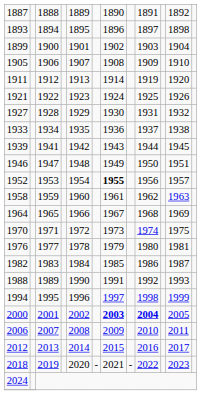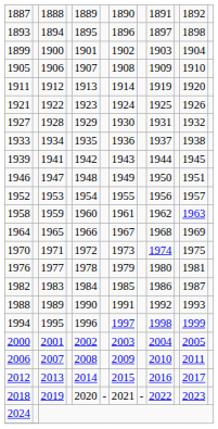 <table class="wikitable">
 <tr>
 <td>1887</td>
 <td></td>
 <td>1888</td>
 <td></td>
 <td>1889</td>
 <td></td>
 <td>1890</td>
 <td></td>
 <td>1891</td>
 <td></td>
 <td>1892</td>
 <td></td>
 </tr>
 <tr>
 <td>1893</td>
 <td></td>
 <td>1894</td>
 <td></td>
 <td>1895</td>
 <td></td>
 <td>1896</td>
 <td></td>
 <td>1897</td>
 <td></td>
 <td>1898</td>
 <td></td>
 </tr>
 <tr>
 <td>1899</td>
 <td></td>
 <td>1900</td>
 <td></td>
 <td>1901</td>
 <td></td>
 <td>1902</td>
 <td></td>
 <td>1903</td>
 <td></td>
 <td>1904</td>
 <td></td>
 </tr>
 <tr>
 <td>1905</td>
 <td></td>
 <td>1906</td>
 <td></td>
 <td>1907</td>
 <td></td>
 <td>1908</td>
 <td></td>
 <td>1909</td>
 <td></td>
 <td>1910</td>
 <td></td>
 </tr>
 <tr>
 <td>1911</td>
 <td></td>
 <td>1912</td>
 <td></td>
 <td>1913</td>
 <td></td>
 <td>1914</td>
 <td></td>
 <td>1919</td>
 <td></td>
 <td>1920</td>
 <td></td>
 </tr>
 <tr>
 <td>1921</td>
 <td></td>
 <td>1922</td>
 <td></td>
 <td>1923</td>
 <td></td>
 <td>1924</td>
 <td></td>
 <td>1925</td>
 <td></td>
 <td>1926</td>
 <td></td>
 </tr>
 <tr>
 <td>1927</td>
 <td></td>
 <td>1928</td>
 <td></td>
 <td>1929</td>
 <td></td>
 <td>1930</td>
 <td></td>
 <td>1931</td>
 <td></td>
 <td>1932</td>
 <td></td>
 </tr>
 <tr>
 <td>1933</td>
 <td></td>
 <td>1934</td>
 <td></td>
 <td>1935</td>
 <td></td>
 <td>1936</td>
 <td></td>
 <td>1937</td>
 <td></td>
 <td>1938</td>
 <td></td>
 </tr>
 <tr>
 <td>1939</td>
 <td></td>
 <td>1941</td>
 <td></td>
 <td>1942</td>
 <td></td>
 <td>1943</td>
 <td></td>
 <td>1944</td>
 <td></td>
 <td>1945</td>
 <td></td>
 </tr>
 <tr>
 <td>1946</td>
 <td></td>
 <td>1947</td>
 <td></td>
 <td>1948</td>
 <td></td>
 <td>1949</td>
 <td></td>
 <td>1950</td>
 <td></td>
 <td>1951</td>
 <td></td>
 </tr>
 <tr>
 <td>1952</td>
 <td></td>
 <td>1953</td>
 <td></td>
 <td>1954</td>
 <td></td>
-<td><strong>1955</strong></td>
+<td>1955</td>
 <td></td>
 <td>1956</td>
 <td></td>
 <td>1957</td>
 <td></td>
 </tr>
 <tr>
 <td>1958</td>
 <td></td>
 <td>1959</td>
 <td></td>
 <td>1960</td>
 <td></td>
 <td>1961</td>
 <td></td>
 <td>1962</td>
 <td></td>
 <td><a href='#'>1963</a></td>
 <td></td>
 </tr>
 <tr>
 <td>1964</td>
 <td></td>
 <td>1965</td>
 <td></td>
 <td>1966</td>
 <td></td>
 <td>1967</td>
 <td></td>
 <td>1968</td>
 <td></td>
 <td>1969</td>
 <td></td>
 </tr>
 <tr>
 <td>1970</td>
 <td></td>
 <td>1971</td>
 <td></td>
 <td>1972</td>
 <td></td>
 <td>1973</td>
 <td></td>
 <td><a href='#'>1974</a></td>
 <td></td>
 <td>1975</td>
 <td></td>
 </tr>
 <tr>
 <td>1976</td>
 <td></td>
 <td>1977</td>
 <td></td>
 <td>1978</td>
 <td></td>
 <td>1979</td>
 <td></td>
 <td>1980</td>
 <td></td>
 <td>1981</td>
 <td></td>
 </tr>
 <tr>
 <td>1982</td>
 <td></td>
 <td>1983</td>
 <td></td>
 <td>1984</td>
 <td></td>
 <td>1985</td>
 <td></td>
 <td>1986</td>
 <td></td>
 <td>1987</td>
 <td></td>
 </tr>
 <tr>
 <td>1988</td>
 <td></td>
 <td>1989</td>
 <td></td>
 <td>1990</td>
 <td></td>
 <td>1991</td>
 <td></td>
 <td>1992</td>
 <td></td>
 <td>1993</td>
 <td></td>
 </tr>
 <tr>
 <td>1994</td>
 <td></td>
 <td>1995</td>
 <td></td>
 <td>1996</td>
 <td></td>
 <td><a href='#'>1997</a></td>
 <td></td>
 <td><a href='#'>1998</a></td>
 <td></td>
 <td><a href='#'>1999</a></td>
 <td></td>
 </tr>
 <tr>
 <td><a href='#'>2000</a></td>
 <td></td>
 <td><a href='#'>2001</a></td>
 <td></td>
 <td><a href='#'>2002</a></td>
 <td></td>
-<td><strong><a href='#'>2003</a></strong></td>
+<td><a href='#'>2003</a></td>
 <td></td>
-<td><strong><a href='#'>2004</a></strong></td>
+<td><a href='#'>2004</a></td>
 <td></td>
 <td><a href='#'>2005</a></td>
 <td></td>
 </tr>
 <tr>
 <td><a href='#'>2006</a></td>
 <td></td>
 <td><a href='#'>2007</a></td>
 <td></td>
 <td><a href='#'>2008</a></td>
 <td></td>
 <td><a href='#'>2009</a></td>
 <td></td>
 <td><a href='#'>2010</a></td>
 <td></td>
 <td><a href='#'>2011</a></td>
 <td></td>
 </tr>
 <tr>
 <td><a href='#'>2012</a></td>
 <td></td>
 <td><a href='#'>2013</a></td>
 <td></td>
 <td><a href='#'>2014</a></td>
 <td></td>
 <td><a href='#'>2015</a></td>
 <td></td>
 <td><a href='#'>2016</a></td>
 <td></td>
 <td><a href='#'>2017</a></td>
 <td></td>
 </tr>
 <tr>
 <td><a href='#'>2018</a></td>
 <td></td>
 <td><a href='#'>2019</a></td>
 <td></td>
 <td>2020</td>
 <td>-</td>
 <td>2021</td>
 <td>-</td>
 <td><a href='#'>2022</a></td>
 <td></td>
 <td><a href='#'>2023</a></td>
 <td></td>
 </tr>
 <tr>
 <td><a href='#'>2024</a></td>
 <td></td>
 </tr>
 <tr>
 </tr>
 </table>
